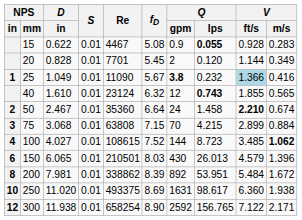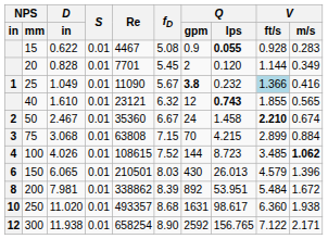 <table class="wikitable" summary="For various Nominal Pipe Sizes (15–300 mm) in PVC, gives the volumetric flow rate such that the hydraulic slope ">
 <tr>
 <th scope="col" colspan=2>NPS</th>
 <th><em>D</em><br></th>
 <th scope="col" rowspan=2><em>S</em></th>
 <th scope="col" rowspan=2>Re</th>
 <th scope="col" rowspan=2><em>f</em><sub><em>D</em></sub></th>
 <th scope="col" colspan=2><em>Q</em><br></th>
 <th scope="col" colspan=2><em>V</em><br></th>
 </tr>
 <tr>
 <th>in</th>
 <th>mm</th>
 <th>in<br>  </th>
 <th>gpm</th>
 <th>lps</th>
 <th>ft/s</th>
 <th>m/s</th>
 </tr>
 <tr>
 <th scope="row"></th>
 <td>15</td>
 <td>0.622</td>
 <td>0.01</td>
 <td>4467</td>
 <td>5.08</td>
 <td>0.9</td>
 <td><strong>0.055</strong></td>
 <td>0.928</td>
 <td>0.283</td>
 </tr>
 <tr>
 <th scope="row"></th>
 <td>20</td>
 <td>0.828</td>
 <td>0.01</td>
 <td>7701</td>
 <td>5.45</td>
 <td>2</td>
 <td>0.120</td>
 <td>1.144</td>
 <td>0.349</td>
 </tr>
 <tr>
 <th scope="row">1</th>
 <td>25</td>
 <td>1.049</td>
 <td>0.01</td>
 <td>11090</td>
 <td>5.67</td>
 <td><strong>3.8</strong></td>
 <td>0.232</td>
 <td style="background: lightblue;">1.366</td>
 <td>0.416</td>
 </tr>
 <tr>
 <th scope="row"></th>
 <td>40</td>
 <td>1.610</td>
 <td>0.01</td>
-<td>23124</td>
+<td>23121</td>
 <td>6.32</td>
 <td>12</td>
 <td><strong>0.743</strong></td>
 <td>1.855</td>
 <td>0.565</td>
 </tr>
 <tr>
 <th scope="row">2</th>
 <td>50</td>
 <td>2.467</td>
 <td>0.01</td>
 <td>35360</td>
-<td>6.64</td>
+<td>6.67</td>
 <td>24</td>
 <td>1.458</td>
 <td><strong>2.210</strong></td>
 <td>0.674</td>
 </tr>
 <tr>
 <th scope="row">3</th>
 <td>75</td>
 <td>3.068</td>
 <td>0.01</td>
 <td>63808</td>
 <td>7.15</td>
 <td>70</td>
 <td>4.215</td>
 <td>2.899</td>
 <td>0.884</td>
 </tr>
 <tr>
 <th scope="row">4</th>
 <td>100</td>
-<td>4.027</td>
+<td>4.026</td>
 <td>0.01</td>
 <td>108615</td>
 <td>7.52</td>
 <td>144</td>
 <td>8.723</td>
 <td>3.485</td>
 <td><strong>1.062</strong></td>
 </tr>
 <tr>
 <th scope="row">6</th>
 <td>150</td>
 <td>6.065</td>
 <td>0.01</td>
 <td>210501</td>
 <td>8.03</td>
 <td>430</td>
 <td>26.013</td>
 <td>4.579</td>
 <td>1.396</td>
 </tr>
 <tr>
 <th scope="row">8</th>
 <td>200</td>
 <td>7.981</td>
 <td>0.01</td>
 <td>338862</td>
 <td>8.39</td>
 <td>892</td>
 <td>53.951</td>
 <td>5.484</td>
 <td>1.672</td>
 </tr>
 <tr>
 <th scope="row">10</th>
 <td>250</td>
 <td>11.020</td>
 <td>0.01</td>
-<td>493375</td>
-<td>8.69</td>
+<td>493357</td>
+<td>8.68</td>
 <td>1631</td>
 <td>98.617</td>
 <td>6.360</td>
 <td>1.938</td>
 </tr>
 <tr>
 <th scope="row">12</th>
 <td>300</td>
 <td>11.938</td>
 <td>0.01</td>
 <td>658254</td>
 <td>8.90</td>
 <td>2592</td>
 <td>156.765</td>
 <td>7.122</td>
 <td>2.171</td>
 </tr>
 </table>
